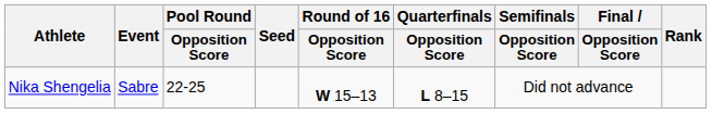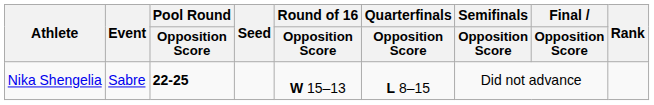 <table class=wikitable style="font-size:90%">
 <tr>
 <th rowspan="2">Athlete</th>
 <th rowspan="2">Event</th>
 <th>Pool Round</th>
 <th rowspan="2">Seed</th>
 <th>Round of 16</th>
 <th>Quarterfinals</th>
 <th>Semifinals</th>
 <th>Final / </th>
 <th rowspan=2>Rank</th>
 </tr>
 <tr style="font-size:95%">
 <th>Opposition<br>Score</th>
 <th>Opposition<br>Score</th>
 <th>Opposition<br>Score</th>
 <th>Opposition<br>Score</th>
 <th>Opposition<br>Score</th>
 </tr>
 <tr align=center>
 <td align=left><a href='#'>Nika Shengelia</a></td>
 <td align=left><a href='#'>Sabre</a></td>
-<td align=left>22-25</td>
+<td align=left><strong>22-25</strong></td>
 <td></td>
 <td><br><strong>W</strong> 15–13</td>
 <td><br><strong>L</strong> 8–15</td>
 <td colspan=2>Did not advance</td>
 <td></td>
 </tr>
 </table>
